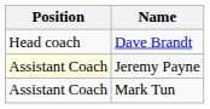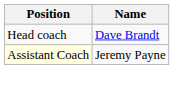 <table class= wikitable>
 <tr>
 <th width=px>Position</th>
 <th width=px>Name</th>
 </tr>
 <tr>
 <td>Head coach</td>
 <td><a href='#'>Dave Brandt</a></td>
 </tr>
 <tr>
 <td style="background: lightyellow;">Assistant Coach</td>
 <td>Jeremy Payne</td>
 </tr>
-<tr>
-<td>Assistant Coach</td>
-<td>Mark Tun</td>
-</tr>
 </table>
